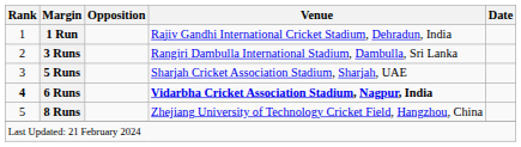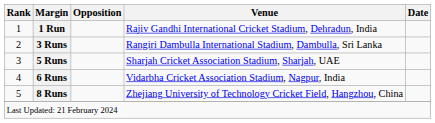 <table class="wikitable plainrowheaders sortable">
 <tr>
 <th scope=col>Rank</th>
 <th scope=col>Margin</th>
 <th scope=col>Opposition</th>
 <th scope=col>Venue</th>
 <th scope=col>Date</th>
 </tr>
 <tr>
 <td align=center>1</td>
 <th scope=row style=text-align:center>1 Run</th>
 <td></td>
 <td><a href='#'>Rajiv Gandhi International Cricket Stadium</a>, <a href='#'>Dehradun</a>, India</td>
 <td></td>
 </tr>
 <tr>
 <td align=center>2</td>
 <th scope=row style=text-align:center>3 Runs</th>
 <td></td>
 <td><a href='#'>Rangiri Dambulla International Stadium</a>, <a href='#'>Dambulla</a>, Sri Lanka</td>
 <td></td>
 </tr>
 <tr>
 <td align=center>3</td>
 <th scope=row style=text-align:center>5 Runs</th>
 <td></td>
 <td><a href='#'>Sharjah Cricket Association Stadium</a>, <a href='#'>Sharjah</a>, UAE</td>
 <td></td>
 </tr>
 <tr>
-<td align=center><strong>4</strong></td>
+<td align=center>4</td>
 <th scope=row style=text-align:center>6 Runs</th>
 <td></td>
-<td><strong><a href='#'>Vidarbha Cricket Association Stadium</a>, <a href='#'>Nagpur</a>, India</strong></td>
+<td><a href='#'>Vidarbha Cricket Association Stadium</a>, <a href='#'>Nagpur</a>, India</td>
 <td> </td>
 </tr>
 <tr>
 <td align=center>5</td>
 <th scope=row style=text-align:center>8 Runs</th>
 <td></td>
 <td><a href='#'>Zhejiang University of Technology Cricket Field</a>, <a href='#'>Hangzhou</a>, China</td>
 <td></td>
 </tr>
 <tr>
 </tr>
 <tr class=sortbottom>
 <td colspan=5><small>Last Updated: 21 February 2024</small></td>
 </tr>
 </table>
